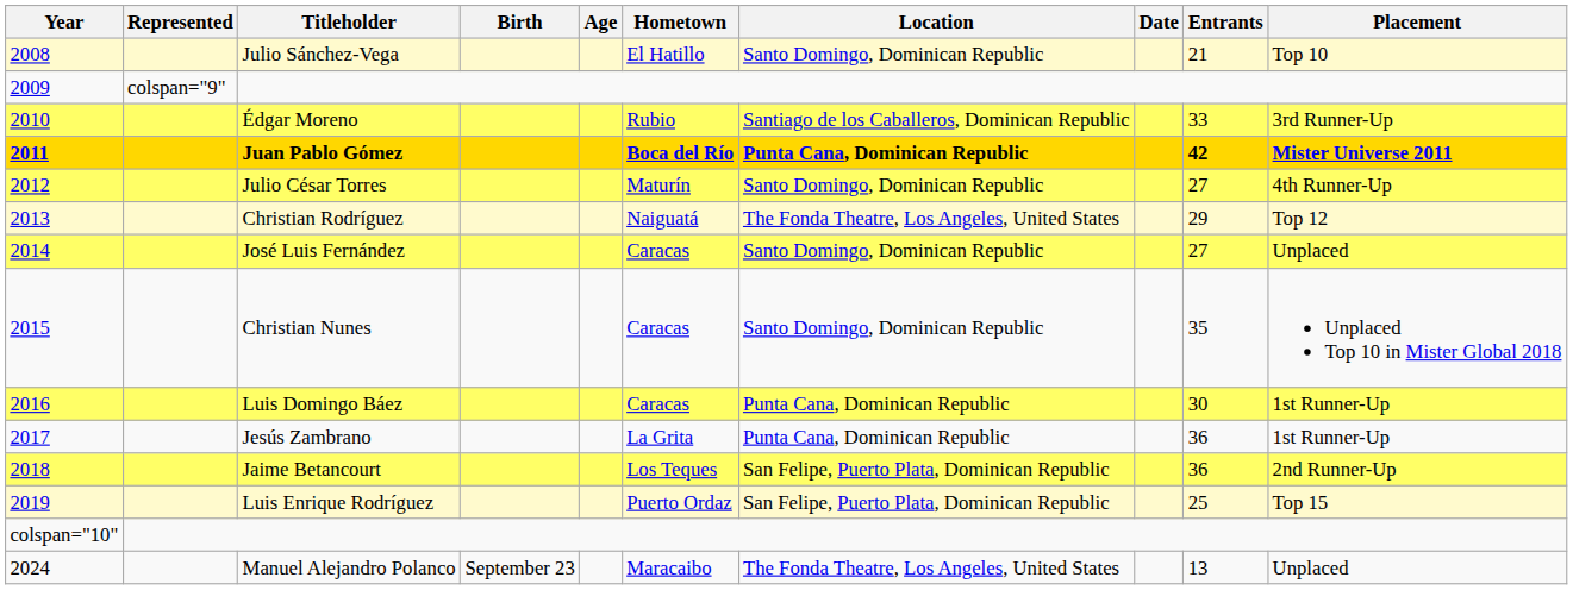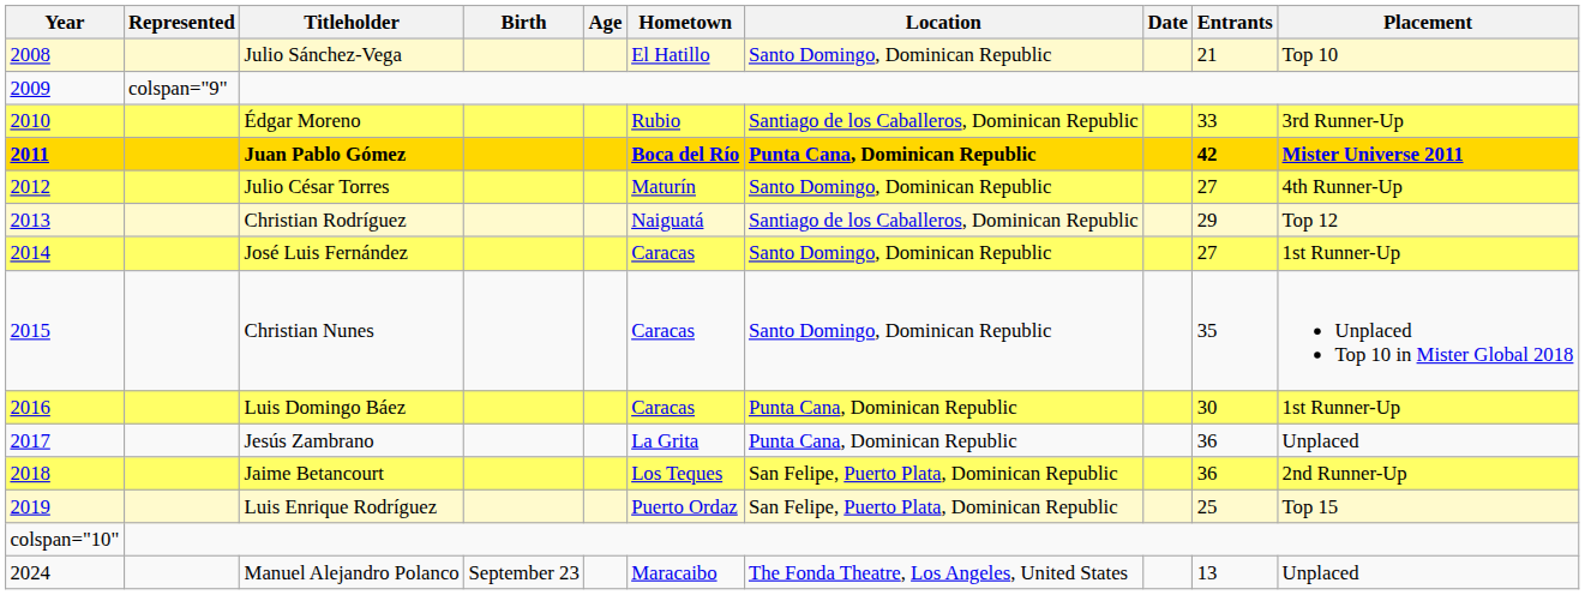 <table class="wikitable sortable" style="font-size: 95%;">
 <tr>
 <th>Year</th>
 <th>Represented</th>
 <th>Titleholder</th>
 <th>Birth</th>
 <th>Age</th>
 <th>Hometown</th>
 <th>Location</th>
 <th>Date</th>
 <th>Entrants</th>
 <th>Placement</th>
 </tr>
 <tr style="background-color:#FFFACD;">
 <td><a href='#'>2008</a></td>
 <td></td>
 <td>Julio Sánchez-Vega</td>
 <td></td>
 <td></td>
 <td><a href='#'>El Hatillo</a></td>
 <td><a href='#'>Santo Domingo</a>, Dominican Republic</td>
 <td></td>
 <td>21</td>
 <td>Top 10</td>
 </tr>
 <tr>
 <td><a href='#'>2009</a></td>
 <td>colspan="9" </td>
 </tr>
 <tr style="background-color:#FFFF66;">
 <td><a href='#'>2010</a></td>
 <td></td>
 <td>Édgar Moreno</td>
 <td></td>
 <td></td>
 <td><a href='#'>Rubio</a></td>
 <td><a href='#'>Santiago de los Caballeros</a>, Dominican Republic</td>
 <td></td>
 <td>33</td>
 <td>3rd Runner-Up</td>
 </tr>
 <tr style="background-color:gold; font-weight: bold ">
 <td><a href='#'>2011</a></td>
 <td></td>
 <td>Juan Pablo Gómez</td>
 <td></td>
 <td></td>
 <td><a href='#'>Boca del Río</a></td>
 <td><a href='#'>Punta Cana</a>, Dominican Republic</td>
 <td></td>
 <td>42</td>
 <td><a href='#'>Mister Universe 2011</a></td>
 </tr>
 <tr style="background-color:#FFFF66;">
 <td><a href='#'>2012</a></td>
 <td></td>
 <td>Julio César Torres</td>
 <td></td>
 <td></td>
 <td><a href='#'>Maturín</a></td>
 <td><a href='#'>Santo Domingo</a>, Dominican Republic</td>
 <td></td>
 <td>27</td>
 <td>4th Runner-Up</td>
 </tr>
 <tr style="background-color:#FFFACD;">
 <td><a href='#'>2013</a></td>
 <td></td>
 <td>Christian Rodríguez</td>
 <td></td>
 <td></td>
 <td><a href='#'>Naiguatá</a></td>
-<td><a href='#'>The Fonda Theatre</a>, <a href='#'>Los Angeles</a>, United States</td>
+<td><a href='#'>Santiago de los Caballeros</a>, Dominican Republic</td>
 <td></td>
 <td>29</td>
 <td>Top 12</td>
 </tr>
 <tr style="background-color:#FFFF66;">
 <td><a href='#'>2014</a></td>
 <td></td>
 <td>José Luis Fernández</td>
 <td></td>
 <td></td>
 <td><a href='#'>Caracas</a></td>
 <td><a href='#'>Santo Domingo</a>, Dominican Republic</td>
 <td></td>
 <td>27</td>
-<td>Unplaced</td>
+<td>1st Runner-Up</td>
 </tr>
 <tr>
 <td><a href='#'>2015</a></td>
 <td></td>
 <td>Christian Nunes</td>
 <td></td>
 <td></td>
 <td><a href='#'>Caracas</a></td>
 <td><a href='#'>Santo Domingo</a>, Dominican Republic</td>
 <td></td>
 <td>35</td>
 <td><br><ul><li>Unplaced</li><li>Top 10 in <a href='#'>Mister Global 2018</a></li></ul></td>
 </tr>
 <tr style="background-color:#FFFF66;">
 <td><a href='#'>2016</a></td>
 <td></td>
 <td>Luis Domingo Báez</td>
 <td></td>
 <td></td>
 <td><a href='#'>Caracas</a></td>
 <td><a href='#'>Punta Cana</a>, Dominican Republic</td>
 <td></td>
 <td>30</td>
 <td>1st Runner-Up</td>
 </tr>
 <tr>
 <td><a href='#'>2017</a></td>
 <td></td>
 <td>Jesús Zambrano</td>
 <td></td>
 <td></td>
 <td><a href='#'>La Grita</a></td>
 <td><a href='#'>Punta Cana</a>, Dominican Republic</td>
 <td></td>
 <td>36</td>
-<td>1st Runner-Up</td>
+<td>Unplaced</td>
 </tr>
 <tr style="background-color:#FFFF66;">
 <td><a href='#'>2018</a></td>
 <td></td>
 <td>Jaime Betancourt</td>
 <td></td>
 <td></td>
 <td><a href='#'>Los Teques</a></td>
 <td>San Felipe, <a href='#'>Puerto Plata</a>, Dominican Republic</td>
 <td></td>
 <td>36</td>
 <td>2nd Runner-Up</td>
 </tr>
 <tr style="background-color:#FFFACD;">
 <td><a href='#'>2019</a></td>
 <td></td>
 <td>Luis Enrique Rodríguez</td>
 <td></td>
 <td></td>
 <td><a href='#'>Puerto Ordaz</a></td>
 <td>San Felipe, <a href='#'>Puerto Plata</a>, Dominican Republic</td>
 <td></td>
 <td>25</td>
 <td>Top 15</td>
 </tr>
 <tr>
 <td>colspan="10" </td>
 </tr>
 <tr>
 <td>2024</td>
 <td></td>
 <td>Manuel Alejandro Polanco</td>
 <td>September 23</td>
 <td></td>
 <td><a href='#'>Maracaibo</a></td>
 <td><a href='#'>The Fonda Theatre</a>, <a href='#'>Los Angeles</a>, United States</td>
 <td></td>
 <td>13</td>
 <td>Unplaced</td>
 </tr>
 </table>
